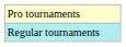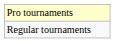 <table class="wikitable"  style="font-size:90%; width:12%;">
 <tr style="background:#ffc;">
 <td>Pro tournaments</td>
 </tr>
 <tr>
-<td style="background: paleturquoise;">Regular tournaments</td>
+<td>Regular tournaments</td>
 </tr>
 </table>
